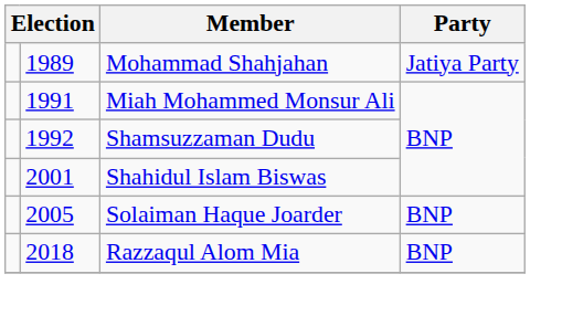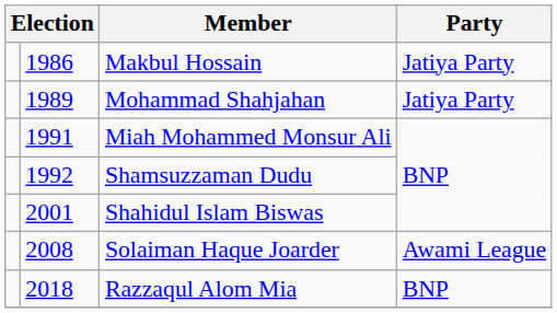 <table class="wikitable">
 <tr>
 <th colspan="2">Election</th>
 <th>Member</th>
 <th>Party</th>
+</tr>
+<tr>
+<td style="background-color:"></td>
+<td><a href='#'>1986</a></td>
+<td><a href='#'>Makbul Hossain</a></td>
+<td><a href='#'>Jatiya Party</a></td>
 </tr>
 <tr>
 <td></td>
 <td><a href='#'>1989</a></td>
 <td><a href='#'>Mohammad Shahjahan</a></td>
 <td><a href='#'>Jatiya Party</a></td>
 </tr>
 <tr>
 <td style="background-color:"></td>
 <td><a href='#'>1991</a></td>
 <td><a href='#'>Miah Mohammed Monsur Ali</a></td>
 <td rowspan="3"><a href='#'>BNP</a></td>
 </tr>
 <tr>
 <td style="background-color:"></td>
 <td><a href='#'>1992</a></td>
 <td><a href='#'>Shamsuzzaman Dudu</a></td>
 </tr>
 <tr>
 <td style="background-color:"></td>
 <td><a href='#'>2001</a></td>
 <td><a href='#'>Shahidul Islam Biswas</a></td>
 </tr>
 <tr>
 <td style="background-color:"></td>
-<td><a href='#'>2005</a></td>
+<td><a href='#'>2008</a></td>
 <td><a href='#'>Solaiman Haque Joarder</a></td>
-<td><a href='#'>BNP</a></td>
+<td><a href='#'>Awami League</a></td>
 </tr>
 <tr>
 <td style="background-color:"></td>
 <td><a href='#'>2018</a></td>
 <td><a href='#'>Razzaqul Alom Mia</a></td>
 <td><a href='#'>BNP</a></td>
 </tr>
 <tr>
 </tr>
 </table>
